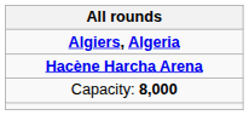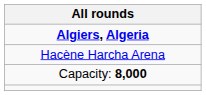 <table class=wikitable style=text-align:center width=250>
 <tr>
 <th>All rounds</th>
 </tr>
 <tr>
 <td><strong> <a href='#'>Algiers</a>, <a href='#'>Algeria</a></strong></td>
 </tr>
 <tr>
-<td><strong><a href='#'>Hacène Harcha Arena</a></strong></td>
+<td><a href='#'>Hacène Harcha Arena</a></td>
 </tr>
 <tr>
 <td>Capacity: <strong>8,000</strong></td>
 </tr>
 <tr>
 <td></td>
 </tr>
 </table>
